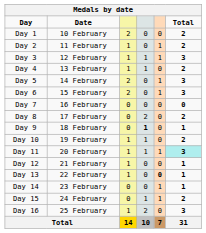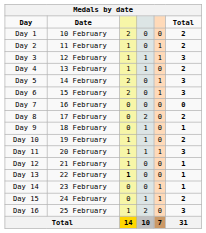 <table class=wikitable style="font-size:85%;float:right;clear:right;text-align:center;min-width:308px;">
 <tr style="background=#EFEFEF;">
 <th colspan=6>Medals by date</th>
 </tr>
 <tr>
 <td><strong>Day</strong></td>
 <td><strong>Date</strong></td>
 <td bgcolor=#f7f6a8></td>
 <td bgcolor=#dce5e5></td>
 <td bgcolor=#ffdab9></td>
 <td><strong>Total</strong></td>
 </tr>
 <tr>
 <td>Day 1</td>
 <td>10 February</td>
 <td bgcolor=F7F6A8>2</td>
 <td bgcolor=DCE5E5>0</td>
 <td bgcolor=FFDAB9>0</td>
 <td><strong>2</strong></td>
 </tr>
 <tr>
 <td>Day 2</td>
 <td>11 February</td>
 <td bgcolor=F7F6A8>1</td>
 <td bgcolor=DCE5E5>0</td>
 <td bgcolor=FFDAB9>1</td>
 <td><strong>2</strong></td>
 </tr>
 <tr>
 <td>Day 3</td>
 <td>12 February</td>
 <td bgcolor=F7F6A8>1</td>
 <td bgcolor=DCE5E5>1</td>
 <td bgcolor=FFDAB9>1</td>
 <td><strong>3</strong></td>
 </tr>
 <tr>
 <td>Day 4</td>
 <td>13 February</td>
 <td bgcolor=F7F6A8>1</td>
 <td bgcolor=DCE5E5>1</td>
 <td bgcolor=FFDAB9>0</td>
 <td><strong>2</strong></td>
 </tr>
 <tr>
 <td>Day 5</td>
 <td>14 February</td>
 <td bgcolor=F7F6A8>2</td>
 <td bgcolor=DCE5E5>0</td>
 <td bgcolor=FFDAB9>1</td>
 <td><strong>3</strong></td>
 </tr>
 <tr>
 <td>Day 6</td>
 <td>15 February</td>
 <td bgcolor=F7F6A8>2</td>
 <td bgcolor=DCE5E5>0</td>
 <td bgcolor=FFDAB9>1</td>
 <td><strong>3</strong></td>
 </tr>
 <tr>
 <td>Day 7</td>
 <td>16 February</td>
 <td bgcolor=F7F6A8>0</td>
 <td bgcolor=DCE5E5>0</td>
 <td bgcolor=FFDAB9>0</td>
 <td><strong>0</strong></td>
 </tr>
 <tr>
 <td>Day 8</td>
 <td>17 February</td>
 <td bgcolor=F7F6A8>0</td>
 <td bgcolor=DCE5E5>2</td>
 <td bgcolor=FFDAB9>0</td>
 <td><strong>2</strong></td>
 </tr>
 <tr>
 <td>Day 9</td>
 <td>18 February</td>
 <td bgcolor=F7F6A8>0</td>
-<td bgcolor=DCE5E6><strong>1</strong></td>
+<td bgcolor=DCE5E6>1</td>
 <td bgcolor=FFDAB9>0</td>
 <td><strong>1</strong></td>
 </tr>
 <tr>
 <td>Day 10</td>
 <td>19 February</td>
 <td bgcolor=F7F6A8>1</td>
 <td bgcolor=DCE5E5>1</td>
 <td bgcolor=FFDAB9>0</td>
 <td><strong>2</strong></td>
 </tr>
 <tr>
 <td>Day 11</td>
 <td>20 February</td>
 <td bgcolor=F7F6A8>1</td>
 <td bgcolor=DCE5E5>1</td>
 <td bgcolor=FFDAB9>1</td>
-<td style="background: paleturquoise;"><strong>3</strong></td>
+<td><strong>3</strong></td>
 </tr>
 <tr>
 <td>Day 12</td>
 <td>21 February</td>
 <td bgcolor=F7F6A8>1</td>
 <td bgcolor=DCE5E5>0</td>
 <td bgcolor=FFDAB9>0</td>
 <td><strong>1</strong></td>
 </tr>
 <tr>
 <td>Day 13</td>
 <td>22 February</td>
-<td bgcolor=F7F6A8>1</td>
+<td bgcolor=F7F6A8><strong>1</strong></td>
 <td bgcolor=DCE5E5>0</td>
-<td bgcolor=FFDAB9><strong>0</strong></td>
+<td bgcolor=FFDAB9>0</td>
 <td><strong>1</strong></td>
 </tr>
 <tr>
 <td>Day 14</td>
 <td>23 February</td>
 <td bgcolor=F7F6A8>0</td>
 <td bgcolor=DCE5E5>0</td>
 <td bgcolor=FFDAB9>1</td>
 <td><strong>1</strong></td>
 </tr>
 <tr>
 <td>Day 15</td>
 <td>24 February</td>
 <td bgcolor=F7F6A8>0</td>
 <td bgcolor=DCE5E5>1</td>
 <td bgcolor=FFDAB9>1</td>
 <td><strong>2</strong></td>
 </tr>
 <tr>
 <td>Day 16</td>
 <td>25 February</td>
 <td bgcolor=F7F6A8>1</td>
 <td bgcolor=DCE5E5>2</td>
 <td bgcolor=FFDAB9>0</td>
 <td><strong>3</strong></td>
 </tr>
 <tr>
 <th colspan="2">Total</th>
 <th style="background:gold">14</th>
 <th style="background:silver">10</th>
 <th style="background:#c96">7</th>
 <th>31</th>
 </tr>
 </table>
